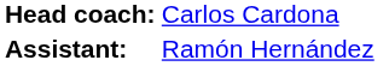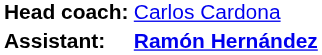 <table>
 <tr>
 <td><strong>Head coach:</strong></td>
 <td><a href='#'>Carlos Cardona</a></td>
 </tr>
 <tr>
 <td><strong>Assistant:</strong></td>
-<td><a href='#'>Ramón Hernández</a></td>
+<td><strong><a href='#'>Ramón Hernández</a></strong></td>
 </tr>
 </table>
